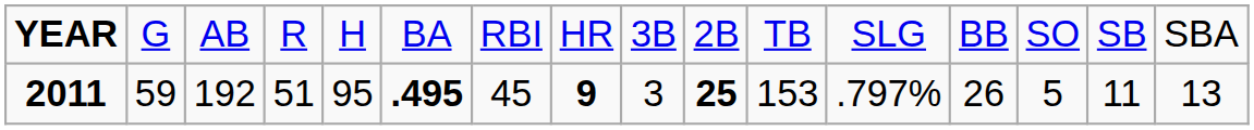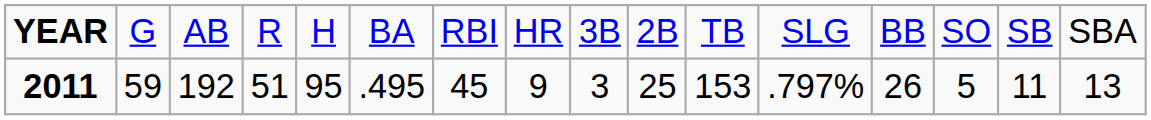 <table class="sortable wikitable">
 <tr align=center>
 <td><strong>YEAR</strong></td>
 <td><a href='#'>G</a></td>
 <td><a href='#'>AB</a></td>
 <td><a href='#'>R</a></td>
 <td><a href='#'>H</a></td>
 <td><a href='#'>BA</a></td>
 <td><a href='#'>RBI</a></td>
 <td><a href='#'>HR</a></td>
 <td><a href='#'>3B</a></td>
 <td><a href='#'>2B</a></td>
 <td><a href='#'>TB</a></td>
 <td><a href='#'>SLG</a></td>
 <td><a href='#'>BB</a></td>
 <td><a href='#'>SO</a></td>
 <td><a href='#'>SB</a></td>
 <td>SBA</td>
 </tr>
 <tr align=center>
 <td><strong>2011</strong></td>
 <td>59</td>
 <td>192</td>
 <td>51</td>
 <td>95</td>
-<td><strong>.495</strong></td>
+<td>.495</td>
 <td>45</td>
-<td><strong>9</strong></td>
+<td>9</td>
 <td>3</td>
-<td><strong>25</strong></td>
+<td>25</td>
 <td>153</td>
 <td>.797%</td>
 <td>26</td>
 <td>5</td>
 <td>11</td>
 <td>13</td>
 </tr>
 </table>
